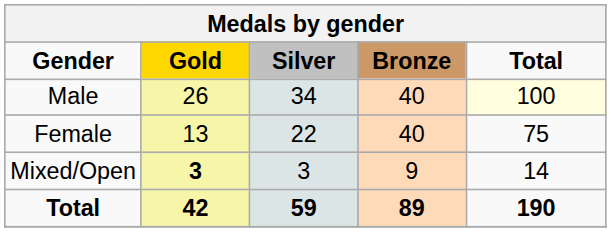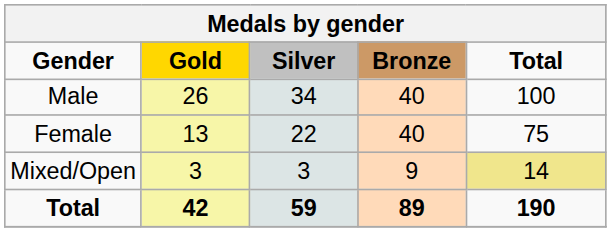 <table class="wikitable" style="font-size:90%; text-align:center;">
 <tr style="background:#efefef;">
 <th colspan=5>Medals by gender</th>
 </tr>
 <tr>
 <td><strong>Gender</strong></td>
 <td width=60 style="background:gold;"><strong>Gold </strong></td>
 <td width=60 style="background:silver;"><strong>Silver </strong></td>
 <td width=60 style="background:#c96;"><strong>Bronze </strong></td>
 <td width=80><strong>Total</strong></td>
 </tr>
 <tr>
 <td>Male</td>
 <td style="background:#F7F6A8">26</td>
 <td style="background:#DCE5E5">34</td>
 <td style="background:#FFDAB9">40</td>
-<td style="background: lightyellow;">100</td>
+<td>100</td>
 </tr>
 <tr>
 <td>Female</td>
 <td style="background:#F7F6A8">13</td>
 <td style="background:#DCE5E5">22</td>
 <td style="background:#FFDAB9">40</td>
 <td>75</td>
 </tr>
 <tr>
 <td>Mixed/Open</td>
-<td style="background:#F7F6A8"><strong>3</strong></td>
+<td style="background:#F7F6A8">3</td>
 <td style="background:#DCE5E5">3</td>
 <td style="background:#FFDAB9">9</td>
-<td>14</td>
+<td style="background: khaki;">14</td>
 </tr>
 <tr>
 <td><strong>Total</strong></td>
 <td style="background:#F7F6A8"><strong>42</strong></td>
 <td style="background:#DCE5E5"><strong>59</strong></td>
 <td style="background:#FFDAB9"><strong>89</strong></td>
 <td><strong>190</strong></td>
 </tr>
 <tr>
 </tr>
 </table>
